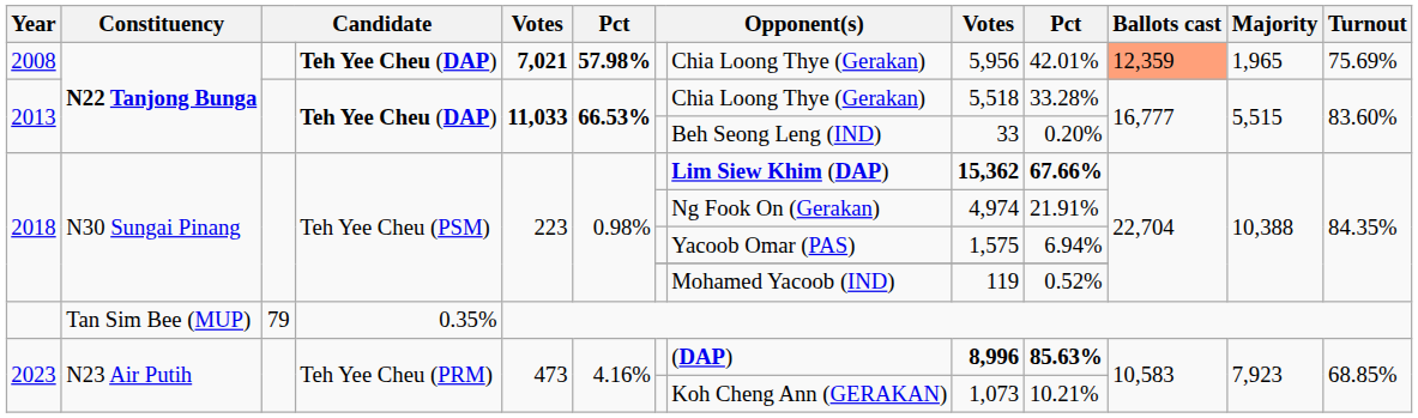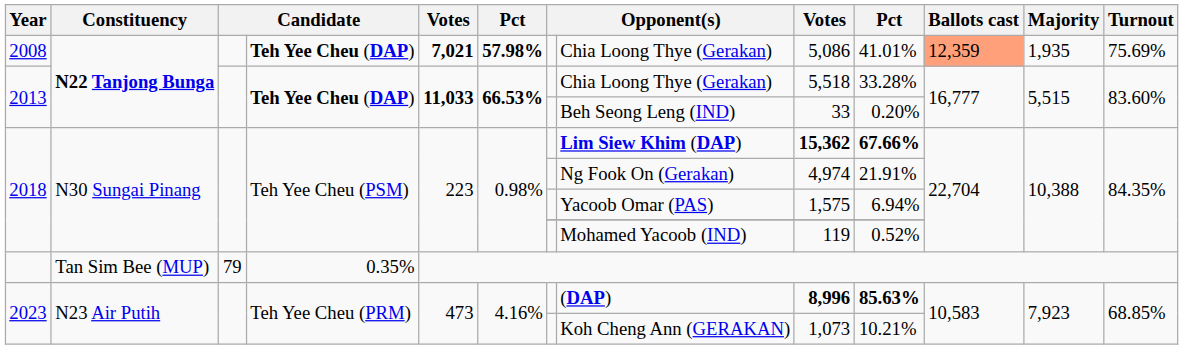 <table class="wikitable" style="margin:0.5em ; font-size:95%">
 <tr>
 <th>Year</th>
 <th>Constituency</th>
 <th colspan=2>Candidate</th>
 <th>Votes</th>
 <th>Pct</th>
 <th colspan=2>Opponent(s)</th>
 <th>Votes</th>
 <th>Pct</th>
 <th>Ballots cast</th>
 <th>Majority</th>
 <th>Turnout</th>
 </tr>
 <tr>
 <td><a href='#'>2008</a></td>
 <td rowspan=3><strong>N22 <a href='#'>Tanjong Bunga</a></strong></td>
 <td></td>
 <td><strong>Teh Yee Cheu</strong> (<a href='#'><strong>DAP</strong></a>)</td>
 <td align=right><strong>7,021</strong></td>
 <td><strong>57.98%</strong></td>
 <td></td>
 <td>Chia Loong Thye (<a href='#'>Gerakan</a>)</td>
-<td align=right>5,956</td>
-<td>42.01%</td>
+<td align=right>5,086</td>
+<td>41.01%</td>
 <td style="background: lightsalmon;">12,359</td>
-<td>1,965</td>
+<td>1,935</td>
 <td>75.69%</td>
 </tr>
 <tr>
 <td rowspan=2><a href='#'>2013</a></td>
 <td rowspan=2 ></td>
 <td rowspan=2><strong>Teh Yee Cheu</strong> (<a href='#'><strong>DAP</strong></a>)</td>
 <td rowspan=2 align=right><strong>11,033</strong></td>
 <td rowspan=2><strong>66.53%</strong></td>
 <td></td>
 <td>Chia Loong Thye (<a href='#'>Gerakan</a>)</td>
 <td align=right>5,518</td>
 <td>33.28%</td>
 <td rowspan=2>16,777</td>
 <td rowspan=2>5,515</td>
 <td rowspan=2>83.60%</td>
 </tr>
 <tr>
 <td></td>
 <td>Beh Seong Leng (<a href='#'>IND</a>)</td>
 <td align=right>33</td>
 <td align=right>0.20%</td>
 </tr>
 <tr>
 <td rowspan=5><a href='#'>2018</a></td>
 <td rowspan=5>N30 <a href='#'>Sungai Pinang</a></td>
 <td rowspan=5 bgcolor=></td>
 <td rowspan=5>Teh Yee Cheu (<a href='#'>PSM</a>)</td>
 <td rowspan=5 align=right>223</td>
 <td rowspan=5 align=right>0.98%</td>
 <td></td>
 <td><strong><a href='#'>Lim Siew Khim</a></strong> (<a href='#'><strong>DAP</strong></a>)</td>
 <td align=right><strong>15,362</strong></td>
 <td><strong>67.66%</strong></td>
 <td rowspan="5">22,704</td>
 <td rowspan="5">10,388</td>
 <td rowspan="5">84.35%</td>
 </tr>
 <tr>
 <td></td>
 <td>Ng Fook On (<a href='#'>Gerakan</a>)</td>
 <td align=right>4,974</td>
 <td>21.91%</td>
 </tr>
 <tr>
 <td></td>
 <td>Yacoob Omar (<a href='#'>PAS</a>)</td>
 <td align=right>1,575</td>
 <td align=right>6.94%</td>
 </tr>
 <tr>
 </tr>
 <tr>
 <td></td>
 <td>Mohamed Yacoob (<a href='#'>IND</a>)</td>
 <td align=right>119</td>
 <td align=right>0.52%</td>
 </tr>
 <tr>
 <td bgcolor = ></td>
 <td>Tan Sim Bee (<a href='#'>MUP</a>)</td>
 <td align=right>79</td>
 <td align=right>0.35%</td>
 </tr>
 <tr>
 <td rowspan=2><a href='#'>2023</a></td>
 <td rowspan=2>N23 <a href='#'>Air Putih</a></td>
 <td rowspan=2></td>
 <td rowspan=2>Teh Yee Cheu (<a href='#'>PRM</a>)</td>
 <td rowspan=2 style="text-align:right;">473</td>
 <td rowspan=2 style="text-align:right;">4.16%</td>
 <td></td>
 <td> (<a href='#'><strong>DAP</strong></a>)</td>
 <td style="text-align:right;"><strong>8,996</strong></td>
 <td><strong>85.63%</strong></td>
 <td rowspan=2>10,583</td>
 <td rowspan=2>7,923</td>
 <td rowspan=2>68.85%</td>
 </tr>
 <tr>
 <td></td>
 <td>Koh Cheng Ann (<a href='#'>GERAKAN</a>)</td>
 <td style="text-align:right;">1,073</td>
 <td>10.21%</td>
 </tr>
 </table>
